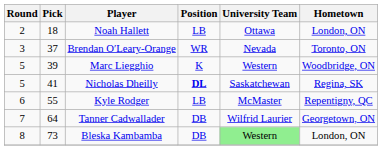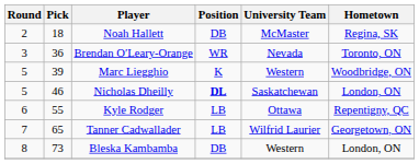 <table class="wikitable" style="font-size: 95%;">
 <tr>
 <th scope="col">Round</th>
 <th scope="col">Pick</th>
 <th scope="col">Player</th>
 <th scope="col">Position</th>
 <th scope="col">University Team</th>
 <th scope="col">Hometown</th>
 </tr>
 <tr align="center">
 <td align=center>2</td>
 <td>18</td>
 <td><a href='#'>Noah Hallett</a></td>
-<td><a href='#'>LB</a></td>
-<td><a href='#'>Ottawa</a></td>
-<td><a href='#'>London, ON</a></td>
+<td><a href='#'>DB</a></td>
+<td><a href='#'>McMaster</a></td>
+<td><a href='#'>Regina, SK</a></td>
 </tr>
 <tr align="center">
 <td align=center>3</td>
-<td>37</td>
+<td>36</td>
 <td><a href='#'>Brendan O′Leary-Orange</a></td>
 <td><a href='#'>WR</a></td>
 <td><a href='#'>Nevada</a></td>
 <td><a href='#'>Toronto, ON</a></td>
 </tr>
 <tr align="center">
 <td align=center>5</td>
 <td>39</td>
 <td><a href='#'>Marc Liegghio</a></td>
 <td><a href='#'>K</a></td>
 <td><a href='#'>Western</a></td>
 <td><a href='#'>Woodbridge, ON</a></td>
 </tr>
 <tr align="center">
 <td align=center>5</td>
-<td>41</td>
+<td>46</td>
 <td><a href='#'>Nicholas Dheilly</a></td>
 <td><strong><a href='#'>DL</a></strong></td>
 <td><a href='#'>Saskatchewan</a></td>
-<td><a href='#'>Regina, SK</a></td>
+<td><a href='#'>London, ON</a></td>
 </tr>
 <tr align="center">
 <td align=center>6</td>
 <td>55</td>
 <td><a href='#'>Kyle Rodger</a></td>
 <td><a href='#'>LB</a></td>
-<td><a href='#'>McMaster</a></td>
+<td><a href='#'>Ottawa</a></td>
 <td><a href='#'>Repentigny, QC</a></td>
 </tr>
 <tr align="center">
 <td align=center>7</td>
-<td>64</td>
+<td>65</td>
 <td><a href='#'>Tanner Cadwallader</a></td>
-<td><a href='#'>DB</a></td>
+<td><a href='#'>LB</a></td>
 <td><a href='#'>Wilfrid Laurier</a></td>
 <td><a href='#'>Georgetown, ON</a></td>
 </tr>
 <tr align="center">
 <td align=center>8</td>
 <td>73</td>
 <td><a href='#'>Bleska Kambamba</a></td>
 <td><a href='#'>DB</a></td>
-<td style="background: lightgreen;">Western</td>
+<td>Western</td>
 <td>London, ON</td>
 </tr>
 <tr>
 </tr>
 </table>
